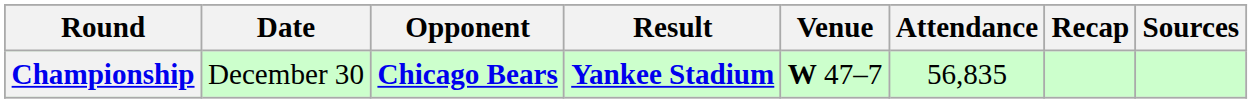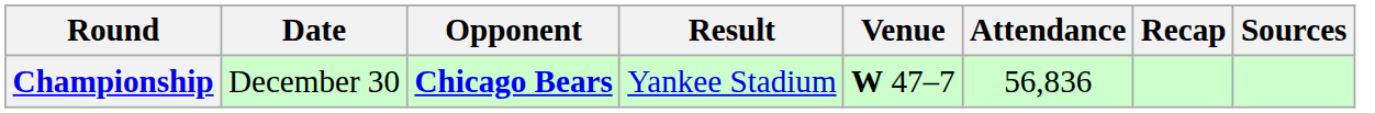 <table class="wikitable" style="text-align:center">
 <tr>
 <th>Round</th>
 <th>Date</th>
 <th>Opponent</th>
 <th>Result</th>
 <th>Venue</th>
 <th>Attendance</th>
 <th>Recap</th>
 <th>Sources</th>
 </tr>
 <tr style="background:#cfc">
 <th><a href='#'>Championship</a></th>
 <td>December 30</td>
 <td><strong><a href='#'>Chicago Bears</a></strong></td>
-<td><strong><a href='#'>Yankee Stadium</a></strong></td>
+<td><a href='#'>Yankee Stadium</a></td>
 <td><strong>W</strong> 47–7</td>
-<td>56,835</td>
+<td>56,836</td>
 <td></td>
 <td></td>
 </tr>
 </table>
